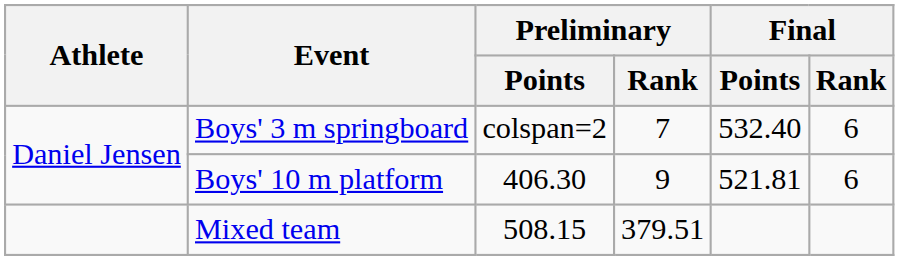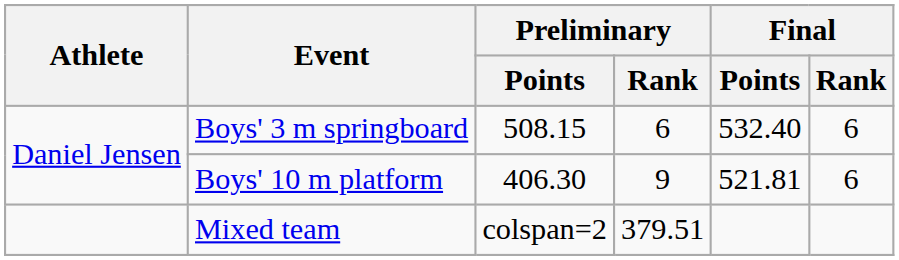 <table class="wikitable" style="font-size:90%;">
 <tr>
 <th rowspan=2>Athlete</th>
 <th rowspan=2>Event</th>
 <th colspan=2>Preliminary</th>
 <th colspan=2>Final</th>
 </tr>
 <tr>
 <th>Points</th>
 <th>Rank</th>
 <th>Points</th>
 <th>Rank</th>
 </tr>
 <tr align=center>
 <td align=left rowspan=2><a href='#'>Daniel Jensen</a></td>
 <td align=left><a href='#'>Boys' 3 m springboard</a></td>
-<td>colspan=2 </td>
-<td>7</td>
+<td>508.15</td>
+<td>6</td>
 <td>532.40</td>
 <td>6</td>
 </tr>
 <tr align=center>
 <td align=left><a href='#'>Boys' 10 m platform</a></td>
 <td>406.30</td>
 <td>9</td>
 <td>521.81</td>
 <td>6</td>
 </tr>
 <tr align=center>
 <td align=left><br></td>
 <td align=left><a href='#'>Mixed team</a></td>
-<td>508.15</td>
+<td>colspan=2 </td>
 <td>379.51</td>
 <td></td>
 </tr>
 </table>
